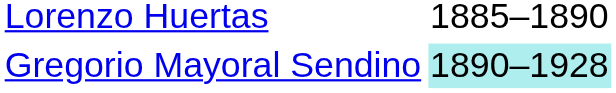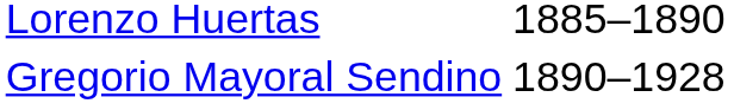 <table>
 <tr>
 <td><a href='#'>Lorenzo Huertas</a></td>
 <td>1885–1890</td>
 </tr>
 <tr>
 <td><a href='#'>Gregorio Mayoral Sendino</a></td>
-<td style="background: paleturquoise;">1890–1928</td>
+<td>1890–1928</td>
 </tr>
 <tr>
 </tr>
 </table>
